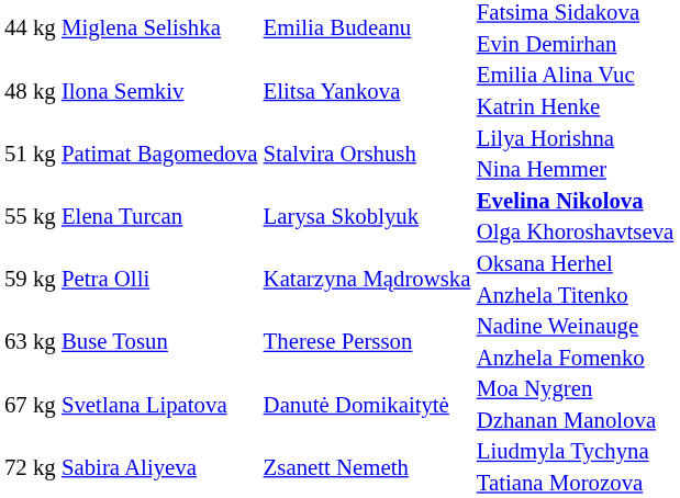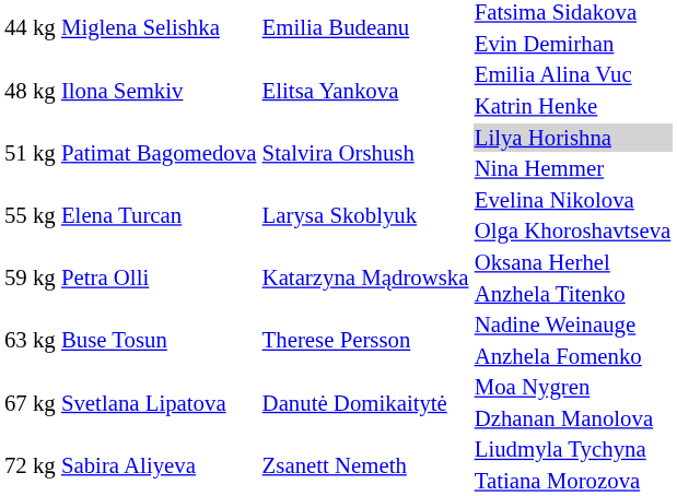 <table>
 <tr>
 <td rowspan=2>44 kg</td>
 <td rowspan=2> <a href='#'>Miglena Selishka</a></td>
 <td rowspan=2> <a href='#'>Emilia Budeanu</a></td>
 <td> <a href='#'>Fatsima Sidakova</a></td>
 </tr>
 <tr>
 <td> <a href='#'>Evin Demirhan</a></td>
 </tr>
 <tr>
 <td rowspan=2>48 kg</td>
 <td rowspan=2> <a href='#'>Ilona Semkiv</a></td>
 <td rowspan=2> <a href='#'>Elitsa Yankova</a></td>
 <td> <a href='#'>Emilia Alina Vuc</a></td>
 </tr>
 <tr>
 <td> <a href='#'>Katrin Henke</a></td>
 </tr>
 <tr>
 <td rowspan=2>51 kg</td>
 <td rowspan=2> <a href='#'>Patimat Bagomedova</a></td>
 <td rowspan=2> <a href='#'>Stalvira Orshush</a></td>
-<td> <a href='#'>Lilya Horishna</a></td>
+<td style="background: lightgrey;"> <a href='#'>Lilya Horishna</a></td>
 </tr>
 <tr>
 <td> <a href='#'>Nina Hemmer</a></td>
 </tr>
 <tr>
 <td rowspan=2>55 kg</td>
 <td rowspan=2> <a href='#'>Elena Turcan</a></td>
 <td rowspan=2> <a href='#'>Larysa Skoblyuk</a></td>
-<td><strong> <a href='#'>Evelina Nikolova</a></strong></td>
+<td> <a href='#'>Evelina Nikolova</a></td>
 </tr>
 <tr>
 <td> <a href='#'>Olga Khoroshavtseva</a></td>
 </tr>
 <tr>
 <td rowspan=2>59 kg</td>
 <td rowspan=2> <a href='#'>Petra Olli</a></td>
 <td rowspan=2> <a href='#'>Katarzyna Mądrowska</a></td>
 <td> <a href='#'>Oksana Herhel</a></td>
 </tr>
 <tr>
 <td> <a href='#'>Anzhela Titenko</a></td>
 </tr>
 <tr>
 <td rowspan=2>63 kg</td>
 <td rowspan=2> <a href='#'>Buse Tosun</a></td>
 <td rowspan=2> <a href='#'>Therese Persson</a></td>
 <td> <a href='#'>Nadine Weinauge</a></td>
 </tr>
 <tr>
 <td> <a href='#'>Anzhela Fomenko</a></td>
 </tr>
 <tr>
 <td rowspan=2>67 kg</td>
 <td rowspan=2> <a href='#'>Svetlana Lipatova</a></td>
 <td rowspan=2> <a href='#'>Danutė Domikaitytė</a></td>
 <td> <a href='#'>Moa Nygren</a></td>
 </tr>
 <tr>
 <td> <a href='#'>Dzhanan Manolova</a></td>
 </tr>
 <tr>
 <td rowspan=2>72 kg</td>
 <td rowspan=2> <a href='#'>Sabira Aliyeva</a></td>
 <td rowspan=2> <a href='#'>Zsanett Nemeth</a></td>
 <td> <a href='#'>Liudmyla Tychyna</a></td>
 </tr>
 <tr>
 <td> <a href='#'>Tatiana Morozova</a></td>
 </tr>
 </table>
